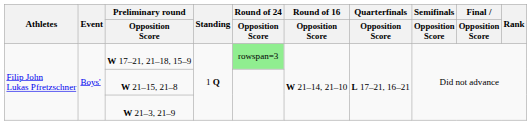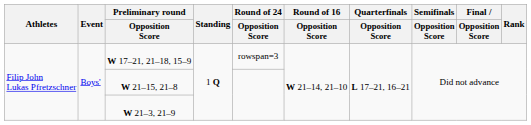 <table class=wikitable style="font-size:90%">
 <tr>
 <th rowspan="2">Athletes</th>
 <th rowspan="2">Event</th>
 <th>Preliminary round</th>
 <th rowspan="2">Standing</th>
 <th>Round of 24</th>
 <th>Round of 16</th>
 <th>Quarterfinals</th>
 <th>Semifinals</th>
 <th>Final / </th>
 <th rowspan=2>Rank</th>
 </tr>
 <tr style="font-size:95%">
 <th>Opposition<br>Score</th>
 <th>Opposition<br>Score</th>
 <th>Opposition<br>Score</th>
 <th>Opposition<br>Score</th>
 <th>Opposition<br>Score</th>
 <th>Opposition<br>Score</th>
 </tr>
 <tr align=center>
 <td align=left rowspan=3><a href='#'>Filip John</a><br><a href='#'>Lukas Pfretzschner</a></td>
 <td align=left rowspan=3><a href='#'>Boys'</a></td>
 <td><br><strong>W</strong> 17–21, 21–18, 15–9</td>
 <td rowspan=3>1 <strong>Q</strong></td>
-<td style="background: lightgreen;">rowspan=3</td>
+<td>rowspan=3</td>
 <td rowspan=3><br><strong>W</strong> 21–14, 21–10</td>
 <td rowspan=3><br><strong>L</strong> 17–21, 16–21</td>
 <td rowspan=3 colspan=3>Did not advance</td>
 </tr>
 <tr align=center>
 <td><br><strong>W</strong> 21–15, 21–8</td>
 </tr>
 <tr align=center>
 <td><br><strong>W</strong> 21–3, 21–9</td>
 </tr>
 </table>
